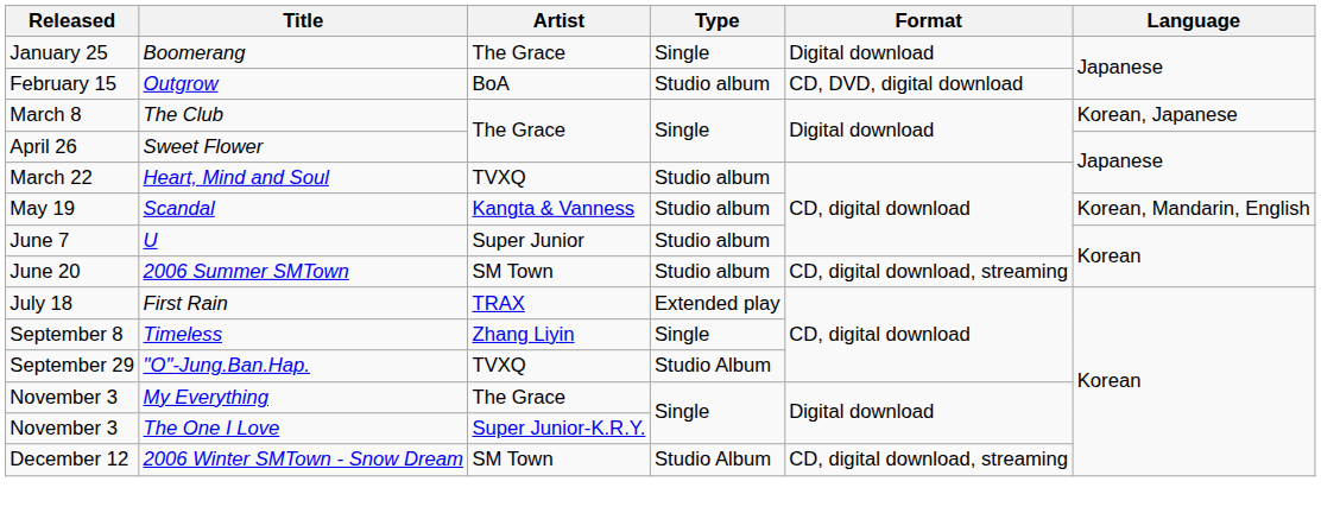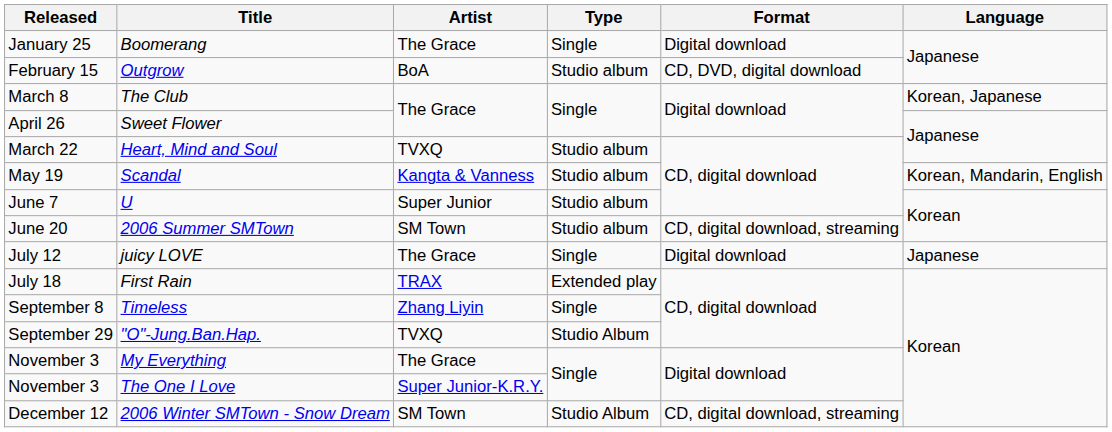 <table class="wikitable sortable">
 <tr>
 <th scope="col">Released</th>
 <th scope="col">Title</th>
 <th scope="col">Artist</th>
 <th scope="col">Type</th>
 <th scope="col">Format</th>
 <th scope="col">Language</th>
 </tr>
 <tr>
 <td>January 25</td>
 <td><em>Boomerang</em></td>
 <td>The Grace</td>
 <td>Single</td>
 <td>Digital download</td>
 <td rowspan="2">Japanese</td>
 </tr>
 <tr>
 <td>February 15</td>
 <td><em><a href='#'>Outgrow</a></em></td>
 <td>BoA</td>
 <td>Studio album</td>
 <td>CD, DVD, digital download</td>
 </tr>
 <tr>
 <td>March 8</td>
 <td><em>The Club</em></td>
 <td rowspan="2">The Grace</td>
 <td rowspan="2">Single</td>
 <td rowspan="2">Digital download</td>
 <td>Korean, Japanese</td>
 </tr>
 <tr>
 <td>April 26</td>
 <td><em>Sweet Flower</em></td>
 <td rowspan="2">Japanese</td>
 </tr>
 <tr>
 <td>March 22</td>
 <td><em><a href='#'>Heart, Mind and Soul</a></em></td>
 <td>TVXQ</td>
 <td>Studio album</td>
 <td rowspan="3">CD, digital download</td>
 </tr>
 <tr>
 <td>May 19</td>
 <td><em><a href='#'>Scandal</a></em></td>
 <td><a href='#'>Kangta & Vanness</a></td>
 <td>Studio album</td>
 <td>Korean, Mandarin, English</td>
 </tr>
 <tr>
 <td>June 7</td>
 <td><em><a href='#'>U</a></em></td>
 <td>Super Junior</td>
 <td>Studio album</td>
 <td rowspan="2">Korean</td>
 </tr>
 <tr>
 <td>June 20</td>
 <td><em><a href='#'>2006 Summer SMTown</a></em></td>
 <td>SM Town</td>
 <td>Studio album</td>
 <td>CD, digital download, streaming</td>
 </tr>
 <tr>
+<td>July 12</td>
+<td><em>juicy LOVE</em></td>
+<td>The Grace</td>
+<td>Single</td>
+<td>Digital download</td>
+<td>Japanese</td>
+</tr>
+<tr>
 <td>July 18</td>
 <td><em>First Rain</em></td>
 <td><a href='#'>TRAX</a></td>
 <td>Extended play</td>
 <td rowspan="3">CD, digital download</td>
 <td rowspan="6">Korean</td>
 </tr>
 <tr>
 <td>September 8</td>
 <td><em><a href='#'>Timeless</a></em></td>
 <td><a href='#'>Zhang Liyin</a></td>
 <td>Single</td>
 </tr>
 <tr>
 <td>September 29</td>
 <td><em><a href='#'>"O"-Jung.Ban.Hap.</a></em></td>
 <td>TVXQ</td>
 <td>Studio Album</td>
 </tr>
 <tr>
 <td>November 3</td>
 <td><em><a href='#'>My Everything</a></em></td>
 <td>The Grace</td>
 <td rowspan="2">Single</td>
 <td rowspan="2”">Digital download</td>
 </tr>
 <tr>
 <td>November 3</td>
 <td><em><a href='#'>The One I Love</a></em></td>
 <td><a href='#'>Super Junior-K.R.Y.</a></td>
 </tr>
 <tr>
 <td>December 12</td>
 <td><em><a href='#'>2006 Winter SMTown - Snow Dream</a></em></td>
 <td>SM Town</td>
 <td>Studio Album</td>
 <td>CD, digital download, streaming</td>
 </tr>
 </table>
